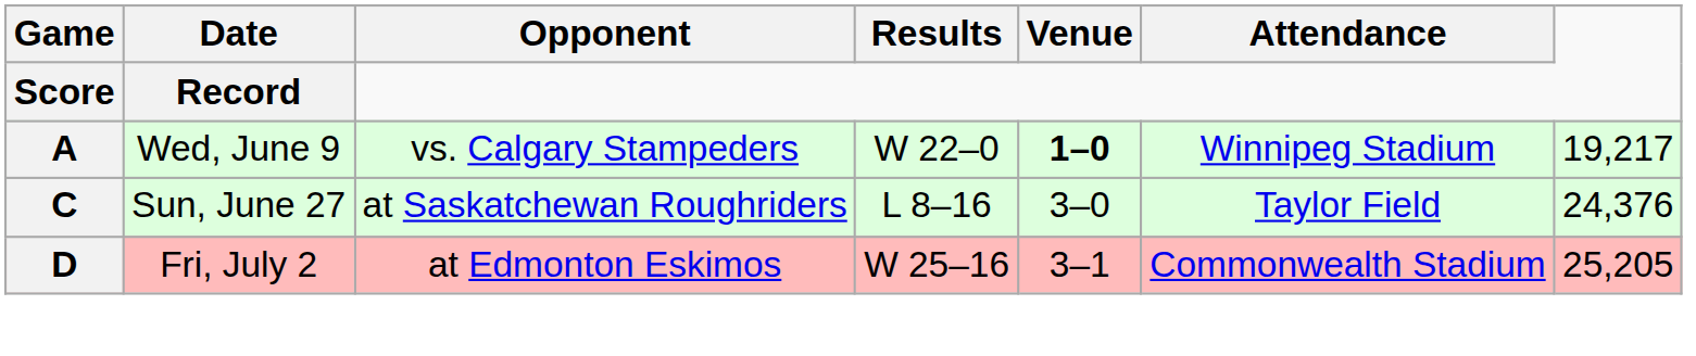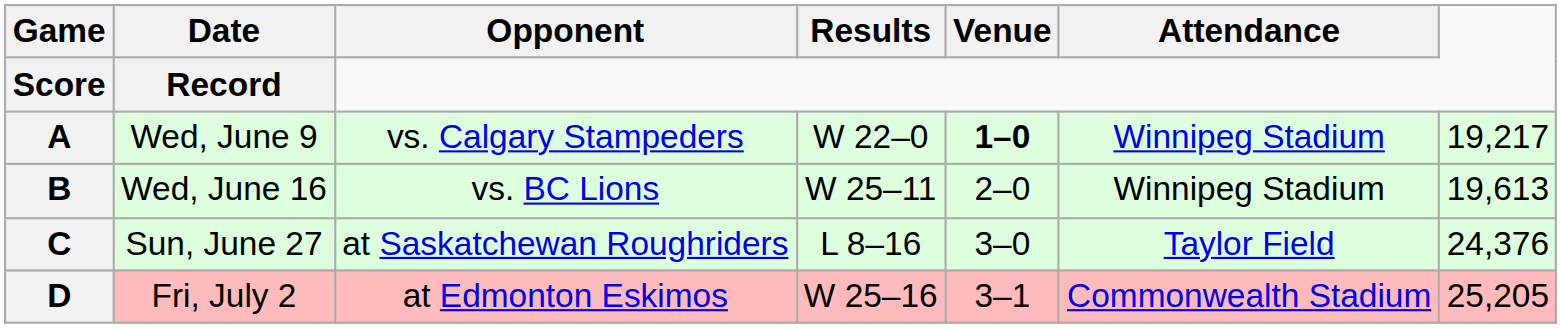 <table class="wikitable" style="text-align:center">
 <tr>
 <th>Game</th>
 <th>Date</th>
 <th>Opponent</th>
 <th>Results</th>
 <th>Venue</th>
 <th>Attendance</th>
 </tr>
 <tr>
 <th>Score</th>
 <th>Record</th>
 </tr>
 <tr style="background:#ddffdd">
 <th>A</th>
 <td>Wed, June 9</td>
 <td>vs. <a href='#'>Calgary Stampeders</a></td>
 <td>W 22–0</td>
 <td><strong>1–0</strong></td>
 <td><a href='#'>Winnipeg Stadium</a></td>
 <td>19,217</td>
 </tr>
 <tr style="background:#ddffdd">
+<th>B</th>
+<td>Wed, June 16</td>
+<td>vs. <a href='#'>BC Lions</a></td>
+<td>W 25–11</td>
+<td>2–0</td>
+<td>Winnipeg Stadium</td>
+<td>19,613</td>
+</tr>
+<tr style="background:#ddffdd">
 <th>C</th>
 <td>Sun, June 27</td>
 <td>at <a href='#'>Saskatchewan Roughriders</a></td>
 <td>L 8–16</td>
 <td>3–0</td>
 <td><a href='#'>Taylor Field</a></td>
 <td>24,376</td>
 </tr>
 <tr style="background:#ffbbbb">
 <th>D</th>
 <td>Fri, July 2</td>
 <td>at <a href='#'>Edmonton Eskimos</a></td>
 <td>W 25–16</td>
 <td>3–1</td>
 <td><a href='#'>Commonwealth Stadium</a></td>
 <td>25,205</td>
 </tr>
 </table>
